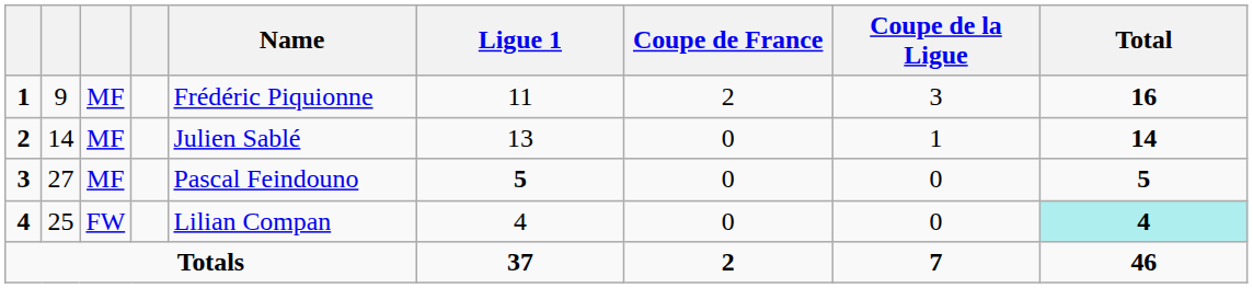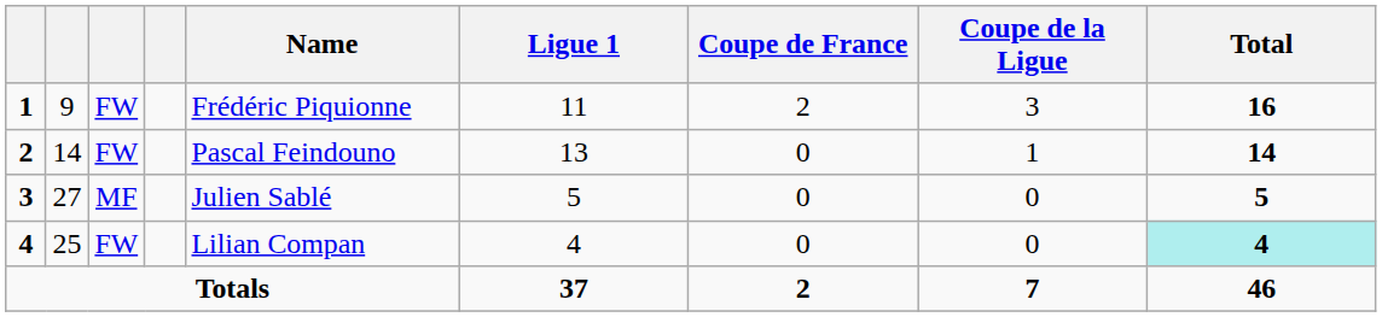 <table class="wikitable" style="text-align:center">
 <tr>
 <th width=15></th>
 <th width=15></th>
 <th width=15></th>
 <th width=15></th>
 <th width=145>Name</th>
 <th width=120><a href='#'>Ligue 1</a></th>
 <th width=120><a href='#'>Coupe de France</a></th>
 <th width=120><a href='#'>Coupe de la Ligue</a></th>
 <th width=120>Total</th>
 </tr>
 <tr>
 <td><strong>1</strong></td>
 <td>9</td>
-<td><a href='#'>MF</a></td>
+<td><a href='#'>FW</a></td>
 <td></td>
 <td align=left><a href='#'>Frédéric Piquionne</a></td>
 <td>11</td>
 <td>2</td>
 <td>3</td>
 <td><strong>16</strong></td>
 </tr>
 <tr>
 <td><strong>2</strong></td>
 <td>14</td>
-<td><a href='#'>MF</a></td>
+<td><a href='#'>FW</a></td>
 <td></td>
-<td align=left><a href='#'>Julien Sablé</a></td>
+<td align=left><a href='#'>Pascal Feindouno</a></td>
 <td>13</td>
 <td>0</td>
 <td>1</td>
 <td><strong>14</strong></td>
 </tr>
 <tr>
 <td><strong>3</strong></td>
 <td>27</td>
 <td><a href='#'>MF</a></td>
 <td></td>
-<td align=left><a href='#'>Pascal Feindouno</a></td>
-<td><strong>5</strong></td>
+<td align=left><a href='#'>Julien Sablé</a></td>
+<td>5</td>
 <td>0</td>
 <td>0</td>
 <td><strong>5</strong></td>
 </tr>
 <tr>
 <td><strong>4</strong></td>
 <td>25</td>
 <td><a href='#'>FW</a></td>
 <td></td>
 <td align=left><a href='#'>Lilian Compan</a></td>
 <td>4</td>
 <td>0</td>
 <td>0</td>
 <td style="background: paleturquoise;"><strong>4</strong></td>
 </tr>
 <tr>
 <td colspan=5><strong>Totals</strong></td>
 <td><strong>37</strong></td>
 <td><strong>2</strong></td>
 <td><strong>7</strong></td>
 <td><strong>46</strong></td>
 </tr>
 </table>
